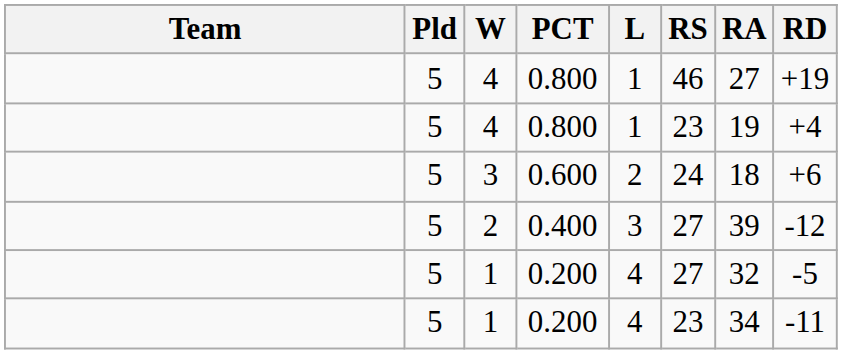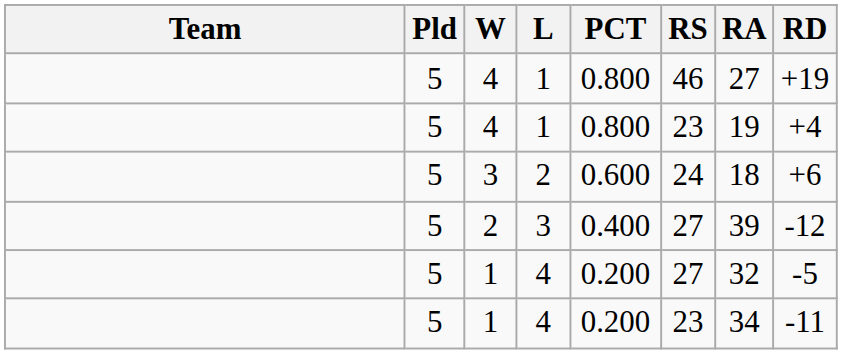 <table class=wikitable style="text-align:center">
 <tr>
 <th width=200>Team</th>
 <th width=20>Pld</th>
 <th width=20>W</th>
+<th width=20>L</th>
 <th width=40>PCT</th>
-<th width=20>L</th>
 <th width=20>RS</th>
 <th width=20>RA</th>
 <th width=20>RD</th>
 </tr>
 <tr>
 <td align=left><strong></strong></td>
 <td>5</td>
 <td>4</td>
+<td>1</td>
 <td>0.800</td>
-<td>1</td>
 <td>46</td>
 <td>27</td>
 <td>+19</td>
 </tr>
 <tr>
 <td align=left><strong></strong></td>
 <td>5</td>
 <td>4</td>
+<td>1</td>
 <td>0.800</td>
-<td>1</td>
 <td>23</td>
 <td>19</td>
 <td>+4</td>
 </tr>
 <tr>
 <td align=left><strong></strong></td>
 <td>5</td>
 <td>3</td>
+<td>2</td>
 <td>0.600</td>
-<td>2</td>
 <td>24</td>
 <td>18</td>
 <td>+6</td>
 </tr>
 <tr>
 <td align=left><strong></strong></td>
 <td>5</td>
 <td>2</td>
+<td>3</td>
 <td>0.400</td>
-<td>3</td>
 <td>27</td>
 <td>39</td>
 <td>-12</td>
 </tr>
 <tr>
 <td align=left></td>
 <td>5</td>
 <td>1</td>
+<td>4</td>
 <td>0.200</td>
-<td>4</td>
 <td>27</td>
 <td>32</td>
 <td>-5</td>
 </tr>
 <tr>
 <td align=left></td>
 <td>5</td>
 <td>1</td>
+<td>4</td>
 <td>0.200</td>
-<td>4</td>
 <td>23</td>
 <td>34</td>
 <td>-11</td>
 </tr>
 </table>
